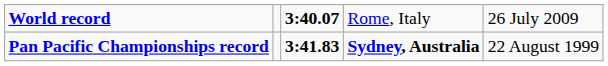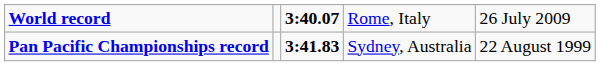 <table class="wikitable">
 <tr>
 <td><strong><a href='#'>World record</a></strong></td>
 <td></td>
 <td><strong>3:40.07</strong></td>
 <td><a href='#'>Rome</a>, Italy</td>
 <td>26 July 2009</td>
 </tr>
 <tr>
 <td><strong><a href='#'>Pan Pacific Championships record</a></strong></td>
 <td></td>
 <td><strong>3:41.83</strong></td>
-<td><strong><a href='#'>Sydney</a>, Australia</strong></td>
+<td><a href='#'>Sydney</a>, Australia</td>
 <td>22 August 1999</td>
 </tr>
 </table>
